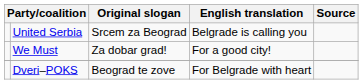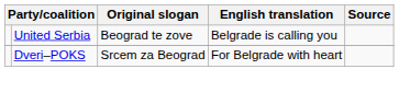 <table class="wikitable" style="font-size:97%; text-align:left">
 <tr>
 <th colspan="2" style="text-align:left;">Party/coalition</th>
 <th>Original slogan</th>
 <th>English translation</th>
 <th>Source</th>
 </tr>
 <tr>
 <td style="background:"></td>
 <td><a href='#'>United Serbia</a></td>
-<td>Srcem za Beograd</td>
+<td>Beograd te zove</td>
 <td>Belgrade is calling you</td>
-<td></td>
-</tr>
-<tr>
-<td style="background:"></td>
-<td><a href='#'>We Must</a></td>
-<td>Za dobar grad!</td>
-<td>For a good city!</td>
 <td></td>
 </tr>
 <tr>
 </tr>
 <tr>
 <td style="background:"></td>
 <td><a href='#'>Dveri</a>–<a href='#'>POKS</a></td>
-<td>Beograd te zove</td>
+<td>Srcem za Beograd</td>
 <td>For Belgrade with heart</td>
 <td></td>
 </tr>
 </table>
